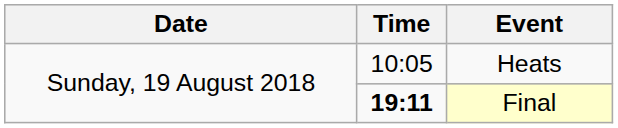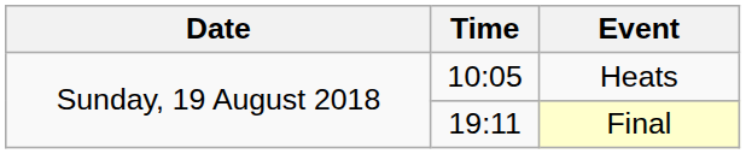 <table class = "wikitable" style="text-align:center;">
 <tr>
 <th width=220>Date</th>
 <th width=50>Time</th>
 <th width=100>Event</th>
 </tr>
 <tr>
 <td rowspan=2>Sunday, 19 August 2018</td>
 <td>10:05</td>
 <td>Heats</td>
 </tr>
 <tr>
-<td><strong>19:11</strong></td>
+<td>19:11</td>
 <td bgcolor=ffffcc>Final</td>
 </tr>
 </table>
